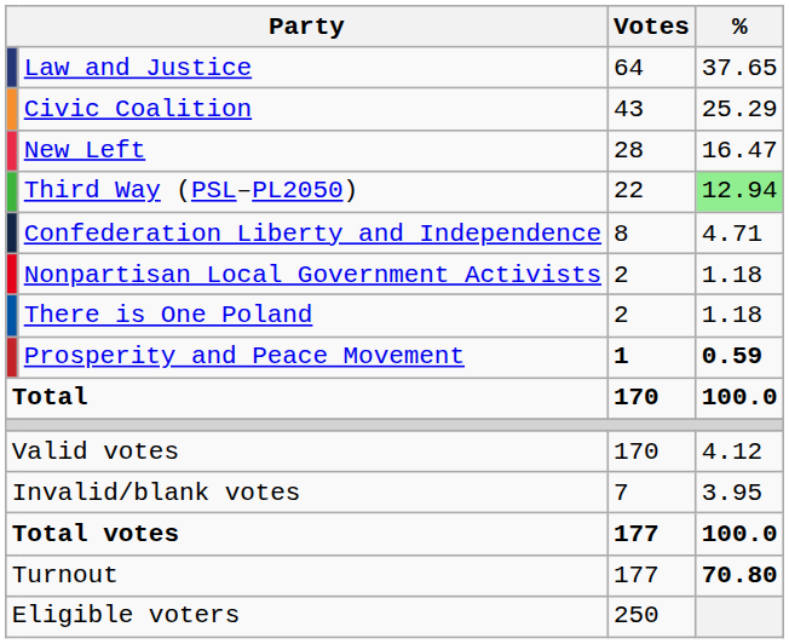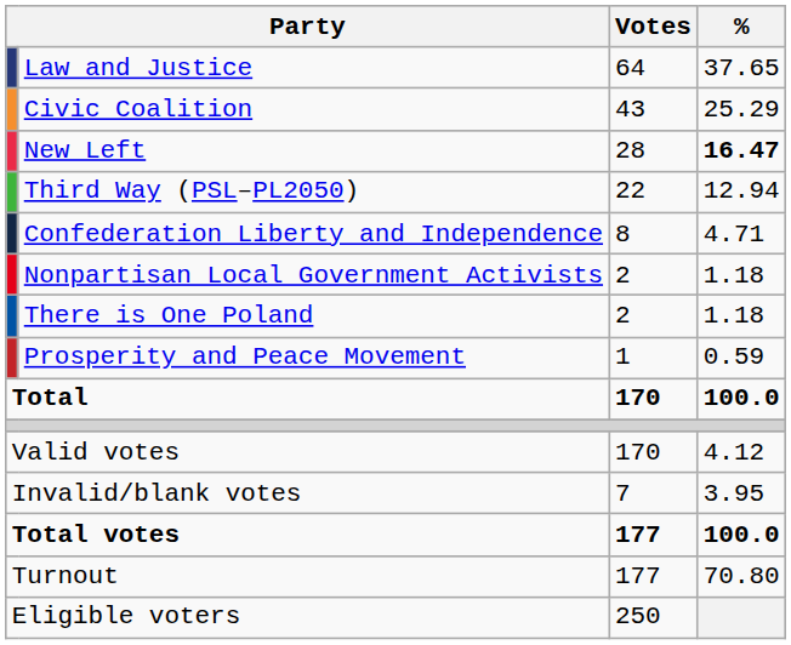 <table class="wikitable">
 <tr>
 <th colspan="2">Party</th>
 <th>Votes</th>
 <th>%</th>
 </tr>
 <tr>
 <th style="background-color:#263778"></th>
 <td><a href='#'>Law and Justice</a></td>
 <td>64</td>
 <td>37.65</td>
 </tr>
 <tr>
 <th style="background-color:#F68F2D"></th>
 <td><a href='#'>Civic Coalition</a></td>
 <td>43</td>
 <td>25.29</td>
 </tr>
 <tr>
 <th style="background-color:#EB2A48"></th>
 <td><a href='#'>New Left</a></td>
 <td>28</td>
-<td>16.47</td>
+<td><strong>16.47</strong></td>
 </tr>
 <tr>
 <th style="background-color:#3DB53A"></th>
 <td><a href='#'>Third Way</a> (<a href='#'>PSL</a>–<a href='#'>PL2050</a>)</td>
 <td>22</td>
-<td style="background: lightgreen;">12.94</td>
+<td>12.94</td>
 </tr>
 <tr>
 <th style="background-color:#122746"></th>
 <td><a href='#'>Confederation Liberty and Independence</a></td>
 <td>8</td>
 <td>4.71</td>
 </tr>
 <tr>
 <th style="background-color:#E6001A"></th>
 <td><a href='#'>Nonpartisan Local Government Activists</a></td>
 <td>2</td>
 <td>1.18</td>
 </tr>
 <tr>
 <th style="background-color:#0054A5"></th>
 <td><a href='#'>There is One Poland</a></td>
 <td>2</td>
 <td>1.18</td>
 </tr>
 <tr>
 <th style="background-color:#C32328"></th>
 <td><a href='#'>Prosperity and Peace Movement</a></td>
-<td><strong>1</strong></td>
-<td><strong>0.59</strong></td>
+<td>1</td>
+<td>0.59</td>
 </tr>
 <tr>
 <td colspan="2"><strong>Total</strong></td>
 <td><strong>170</strong></td>
 <td><strong>100.0</strong></td>
 </tr>
 <tr>
 <td colspan="4" bgcolor="lightgrey"></td>
 </tr>
 <tr>
 <td colspan="2">Valid votes</td>
 <td>170</td>
 <td>4.12</td>
 </tr>
 <tr>
 <td colspan="2">Invalid/blank votes</td>
 <td>7</td>
 <td>3.95</td>
 </tr>
 <tr>
 <td colspan="2"><strong>Total votes</strong></td>
 <td><strong>177</strong></td>
 <td><strong>100.0</strong></td>
 </tr>
 <tr>
 <td colspan="2">Turnout</td>
 <td>177</td>
-<td><strong>70.80</strong></td>
+<td>70.80</td>
 </tr>
 <tr>
 <td colspan="2">Eligible voters</td>
 <td>250</td>
 <th></th>
 </tr>
 </table>
